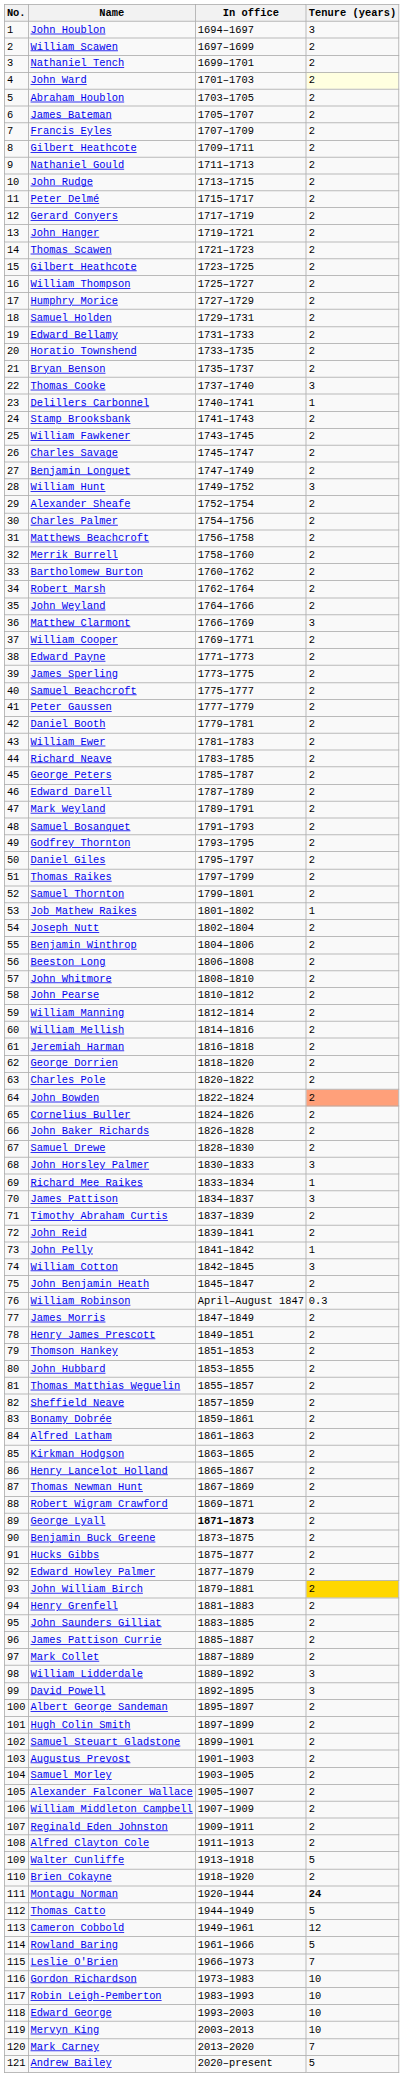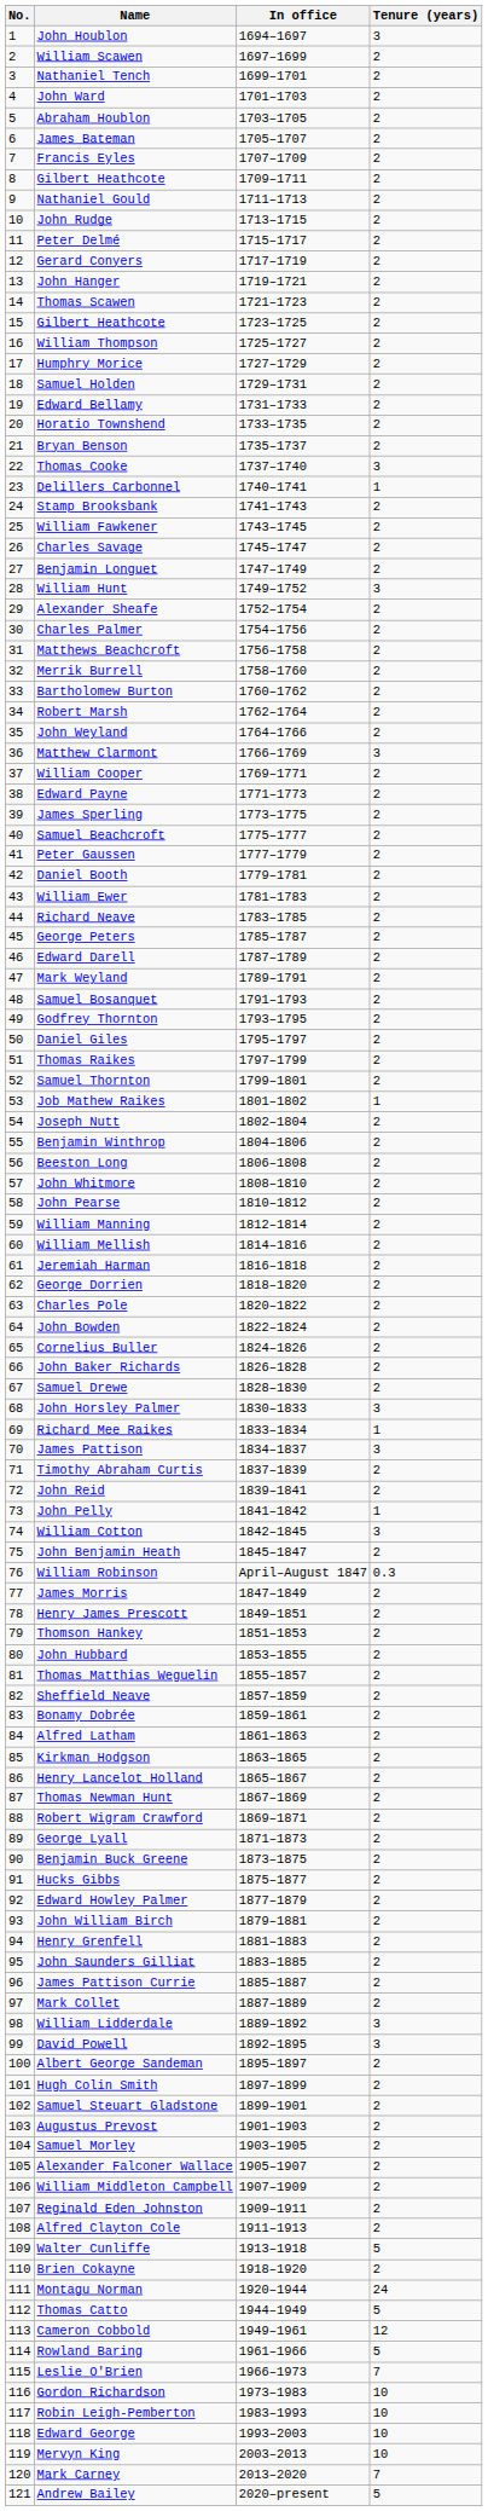 <table class="wikitable">
 <tr>
 <th>No.</th>
 <th>Name</th>
 <th>In office</th>
 <th>Tenure (years)</th>
 </tr>
 <tr>
 <td>1</td>
 <td><a href='#'>John Houblon</a></td>
 <td>1694–1697</td>
 <td>3</td>
 </tr>
 <tr>
 <td>2</td>
 <td><a href='#'>William Scawen</a></td>
 <td>1697–1699</td>
 <td>2</td>
 </tr>
 <tr>
 <td>3</td>
 <td><a href='#'>Nathaniel Tench</a></td>
 <td>1699–1701</td>
 <td>2</td>
 </tr>
 <tr>
 <td>4</td>
 <td><a href='#'>John Ward</a></td>
 <td>1701–1703</td>
-<td style="background: lightyellow;">2</td>
+<td>2</td>
 </tr>
 <tr>
 <td>5</td>
 <td><a href='#'>Abraham Houblon</a></td>
 <td>1703–1705</td>
 <td>2</td>
 </tr>
 <tr>
 <td>6</td>
 <td><a href='#'>James Bateman</a></td>
 <td>1705–1707</td>
 <td>2</td>
 </tr>
 <tr>
 <td>7</td>
 <td><a href='#'>Francis Eyles</a></td>
 <td>1707–1709</td>
 <td>2</td>
 </tr>
 <tr>
 <td>8</td>
 <td><a href='#'>Gilbert Heathcote</a></td>
 <td>1709–1711</td>
 <td>2</td>
 </tr>
 <tr>
 <td>9</td>
 <td><a href='#'>Nathaniel Gould</a></td>
 <td>1711–1713</td>
 <td>2</td>
 </tr>
 <tr>
 <td>10</td>
 <td><a href='#'>John Rudge</a></td>
 <td>1713–1715</td>
 <td>2</td>
 </tr>
 <tr>
 <td>11</td>
 <td><a href='#'>Peter Delmé</a></td>
 <td>1715–1717</td>
 <td>2</td>
 </tr>
 <tr>
 <td>12</td>
 <td><a href='#'>Gerard Conyers</a></td>
 <td>1717–1719</td>
 <td>2</td>
 </tr>
 <tr>
 <td>13</td>
 <td><a href='#'>John Hanger</a></td>
 <td>1719–1721</td>
 <td>2</td>
 </tr>
 <tr>
 <td>14</td>
 <td><a href='#'>Thomas Scawen</a></td>
 <td>1721–1723</td>
 <td>2</td>
 </tr>
 <tr>
 <td>15</td>
 <td><a href='#'>Gilbert Heathcote</a></td>
 <td>1723–1725</td>
 <td>2</td>
 </tr>
 <tr>
 <td>16</td>
 <td><a href='#'>William Thompson</a></td>
 <td>1725–1727</td>
 <td>2</td>
 </tr>
 <tr>
 <td>17</td>
 <td><a href='#'>Humphry Morice</a></td>
 <td>1727–1729</td>
 <td>2</td>
 </tr>
 <tr>
 <td>18</td>
 <td><a href='#'>Samuel Holden</a></td>
 <td>1729–1731</td>
 <td>2</td>
 </tr>
 <tr>
 <td>19</td>
 <td><a href='#'>Edward Bellamy</a></td>
 <td>1731–1733</td>
 <td>2</td>
 </tr>
 <tr>
 <td>20</td>
 <td><a href='#'>Horatio Townshend</a></td>
 <td>1733–1735</td>
 <td>2</td>
 </tr>
 <tr>
 <td>21</td>
 <td><a href='#'>Bryan Benson</a></td>
 <td>1735–1737</td>
 <td>2</td>
 </tr>
 <tr>
 <td>22</td>
 <td><a href='#'>Thomas Cooke</a></td>
 <td>1737–1740</td>
 <td>3</td>
 </tr>
 <tr>
 <td>23</td>
 <td><a href='#'>Delillers Carbonnel</a></td>
 <td>1740–1741</td>
 <td>1</td>
 </tr>
 <tr>
 <td>24</td>
 <td><a href='#'>Stamp Brooksbank</a></td>
 <td>1741–1743</td>
 <td>2</td>
 </tr>
 <tr>
 <td>25</td>
 <td><a href='#'>William Fawkener</a></td>
 <td>1743–1745</td>
 <td>2</td>
 </tr>
 <tr>
 <td>26</td>
 <td><a href='#'>Charles Savage</a></td>
 <td>1745–1747</td>
 <td>2</td>
 </tr>
 <tr>
 <td>27</td>
 <td><a href='#'>Benjamin Longuet</a></td>
 <td>1747–1749</td>
 <td>2</td>
 </tr>
 <tr>
 <td>28</td>
 <td><a href='#'>William Hunt</a></td>
 <td>1749–1752</td>
 <td>3</td>
 </tr>
 <tr>
 <td>29</td>
 <td><a href='#'>Alexander Sheafe</a></td>
 <td>1752–1754</td>
 <td>2</td>
 </tr>
 <tr>
 <td>30</td>
 <td><a href='#'>Charles Palmer</a></td>
 <td>1754–1756</td>
 <td>2</td>
 </tr>
 <tr>
 <td>31</td>
 <td><a href='#'>Matthews Beachcroft</a></td>
 <td>1756–1758</td>
 <td>2</td>
 </tr>
 <tr>
 <td>32</td>
 <td><a href='#'>Merrik Burrell</a></td>
 <td>1758–1760</td>
 <td>2</td>
 </tr>
 <tr>
 <td>33</td>
 <td><a href='#'>Bartholomew Burton</a></td>
 <td>1760–1762</td>
 <td>2</td>
 </tr>
 <tr>
 <td>34</td>
 <td><a href='#'>Robert Marsh</a></td>
 <td>1762–1764</td>
 <td>2</td>
 </tr>
 <tr>
 <td>35</td>
 <td><a href='#'>John Weyland</a></td>
 <td>1764–1766</td>
 <td>2</td>
 </tr>
 <tr>
 <td>36</td>
 <td><a href='#'>Matthew Clarmont</a></td>
 <td>1766–1769</td>
 <td>3</td>
 </tr>
 <tr>
 <td>37</td>
 <td><a href='#'>William Cooper</a></td>
 <td>1769–1771</td>
 <td>2</td>
 </tr>
 <tr>
 <td>38</td>
 <td><a href='#'>Edward Payne</a></td>
 <td>1771–1773</td>
 <td>2</td>
 </tr>
 <tr>
 <td>39</td>
 <td><a href='#'>James Sperling</a></td>
 <td>1773–1775</td>
 <td>2</td>
 </tr>
 <tr>
 <td>40</td>
 <td><a href='#'>Samuel Beachcroft</a></td>
 <td>1775–1777</td>
 <td>2</td>
 </tr>
 <tr>
 <td>41</td>
 <td><a href='#'>Peter Gaussen</a></td>
 <td>1777–1779</td>
 <td>2</td>
 </tr>
 <tr>
 <td>42</td>
 <td><a href='#'>Daniel Booth</a></td>
 <td>1779–1781</td>
 <td>2</td>
 </tr>
 <tr>
 <td>43</td>
 <td><a href='#'>William Ewer</a></td>
 <td>1781–1783</td>
 <td>2</td>
 </tr>
 <tr>
 <td>44</td>
 <td><a href='#'>Richard Neave</a></td>
 <td>1783–1785</td>
 <td>2</td>
 </tr>
 <tr>
 <td>45</td>
 <td><a href='#'>George Peters</a></td>
 <td>1785–1787</td>
 <td>2</td>
 </tr>
 <tr>
 <td>46</td>
 <td><a href='#'>Edward Darell</a></td>
 <td>1787–1789</td>
 <td>2</td>
 </tr>
 <tr>
 <td>47</td>
 <td><a href='#'>Mark Weyland</a></td>
 <td>1789–1791</td>
 <td>2</td>
 </tr>
 <tr>
 <td>48</td>
 <td><a href='#'>Samuel Bosanquet</a></td>
 <td>1791–1793</td>
 <td>2</td>
 </tr>
 <tr>
 <td>49</td>
 <td><a href='#'>Godfrey Thornton</a></td>
 <td>1793–1795</td>
 <td>2</td>
 </tr>
 <tr>
 <td>50</td>
 <td><a href='#'>Daniel Giles</a></td>
 <td>1795–1797</td>
 <td>2</td>
 </tr>
 <tr>
 <td>51</td>
 <td><a href='#'>Thomas Raikes</a></td>
 <td>1797–1799</td>
 <td>2</td>
 </tr>
 <tr>
 <td>52</td>
 <td><a href='#'>Samuel Thornton</a></td>
 <td>1799–1801</td>
 <td>2</td>
 </tr>
 <tr>
 <td>53</td>
 <td><a href='#'>Job Mathew Raikes</a></td>
 <td>1801–1802</td>
 <td>1</td>
 </tr>
 <tr>
 <td>54</td>
 <td><a href='#'>Joseph Nutt</a></td>
 <td>1802–1804</td>
 <td>2</td>
 </tr>
 <tr>
 <td>55</td>
 <td><a href='#'>Benjamin Winthrop</a></td>
 <td>1804–1806</td>
 <td>2</td>
 </tr>
 <tr>
 <td>56</td>
 <td><a href='#'>Beeston Long</a></td>
 <td>1806–1808</td>
 <td>2</td>
 </tr>
 <tr>
 <td>57</td>
 <td><a href='#'>John Whitmore</a></td>
 <td>1808–1810</td>
 <td>2</td>
 </tr>
 <tr>
 <td>58</td>
 <td><a href='#'>John Pearse</a></td>
 <td>1810–1812</td>
 <td>2</td>
 </tr>
 <tr>
 <td>59</td>
 <td><a href='#'>William Manning</a></td>
 <td>1812–1814</td>
 <td>2</td>
 </tr>
 <tr>
 <td>60</td>
 <td><a href='#'>William Mellish</a></td>
 <td>1814–1816</td>
 <td>2</td>
 </tr>
 <tr>
 <td>61</td>
 <td><a href='#'>Jeremiah Harman</a></td>
 <td>1816–1818</td>
 <td>2</td>
 </tr>
 <tr>
 <td>62</td>
 <td><a href='#'>George Dorrien</a></td>
 <td>1818–1820</td>
 <td>2</td>
 </tr>
 <tr>
 <td>63</td>
 <td><a href='#'>Charles Pole</a></td>
 <td>1820–1822</td>
 <td>2</td>
 </tr>
 <tr>
 <td>64</td>
 <td><a href='#'>John Bowden</a></td>
 <td>1822–1824</td>
-<td style="background: lightsalmon;">2</td>
+<td>2</td>
 </tr>
 <tr>
 <td>65</td>
 <td><a href='#'>Cornelius Buller</a></td>
 <td>1824–1826</td>
 <td>2</td>
 </tr>
 <tr>
 <td>66</td>
 <td><a href='#'>John Baker Richards</a></td>
 <td>1826–1828</td>
 <td>2</td>
 </tr>
 <tr>
 <td>67</td>
 <td><a href='#'>Samuel Drewe</a></td>
 <td>1828–1830</td>
 <td>2</td>
 </tr>
 <tr>
 <td>68</td>
 <td><a href='#'>John Horsley Palmer</a></td>
 <td>1830–1833</td>
 <td>3</td>
 </tr>
 <tr>
 <td>69</td>
 <td><a href='#'>Richard Mee Raikes</a></td>
 <td>1833–1834</td>
 <td>1</td>
 </tr>
 <tr>
 <td>70</td>
 <td><a href='#'>James Pattison</a></td>
 <td>1834–1837</td>
 <td>3</td>
 </tr>
 <tr>
 <td>71</td>
 <td><a href='#'>Timothy Abraham Curtis</a></td>
 <td>1837–1839</td>
 <td>2</td>
 </tr>
 <tr>
 <td>72</td>
 <td><a href='#'>John Reid</a></td>
 <td>1839–1841</td>
 <td>2</td>
 </tr>
 <tr>
 <td>73</td>
 <td><a href='#'>John Pelly</a></td>
 <td>1841–1842</td>
 <td>1</td>
 </tr>
 <tr>
 <td>74</td>
 <td><a href='#'>William Cotton</a></td>
 <td>1842–1845</td>
 <td>3</td>
 </tr>
 <tr>
 <td>75</td>
 <td><a href='#'>John Benjamin Heath</a></td>
 <td>1845–1847</td>
 <td>2</td>
 </tr>
 <tr>
 <td>76</td>
 <td><a href='#'>William Robinson</a></td>
 <td>April–August 1847</td>
 <td>0.3</td>
 </tr>
 <tr>
 <td>77</td>
 <td><a href='#'>James Morris</a></td>
 <td>1847–1849</td>
 <td>2</td>
 </tr>
 <tr>
 <td>78</td>
 <td><a href='#'>Henry James Prescott</a></td>
 <td>1849–1851</td>
 <td>2</td>
 </tr>
 <tr>
 <td>79</td>
 <td><a href='#'>Thomson Hankey</a></td>
 <td>1851–1853</td>
 <td>2</td>
 </tr>
 <tr>
 <td>80</td>
 <td><a href='#'>John Hubbard</a></td>
 <td>1853–1855</td>
 <td>2</td>
 </tr>
 <tr>
 <td>81</td>
 <td><a href='#'>Thomas Matthias Weguelin</a></td>
 <td>1855–1857</td>
 <td>2</td>
 </tr>
 <tr>
 <td>82</td>
 <td><a href='#'>Sheffield Neave</a></td>
 <td>1857–1859</td>
 <td>2</td>
 </tr>
 <tr>
 <td>83</td>
 <td><a href='#'>Bonamy Dobrée</a></td>
 <td>1859–1861</td>
 <td>2</td>
 </tr>
 <tr>
 <td>84</td>
 <td><a href='#'>Alfred Latham</a></td>
 <td>1861–1863</td>
 <td>2</td>
 </tr>
 <tr>
 <td>85</td>
 <td><a href='#'>Kirkman Hodgson</a></td>
 <td>1863–1865</td>
 <td>2</td>
 </tr>
 <tr>
 <td>86</td>
 <td><a href='#'>Henry Lancelot Holland</a></td>
 <td>1865–1867</td>
 <td>2</td>
 </tr>
 <tr>
 <td>87</td>
 <td><a href='#'>Thomas Newman Hunt</a></td>
 <td>1867–1869</td>
 <td>2</td>
 </tr>
 <tr>
 <td>88</td>
 <td><a href='#'>Robert Wigram Crawford</a></td>
 <td>1869–1871</td>
 <td>2</td>
 </tr>
 <tr>
 <td>89</td>
 <td><a href='#'>George Lyall</a></td>
-<td><strong>1871–1873</strong></td>
+<td>1871–1873</td>
 <td>2</td>
 </tr>
 <tr>
 <td>90</td>
 <td><a href='#'>Benjamin Buck Greene</a></td>
 <td>1873–1875</td>
 <td>2</td>
 </tr>
 <tr>
 <td>91</td>
 <td><a href='#'>Hucks Gibbs</a></td>
 <td>1875–1877</td>
 <td>2</td>
 </tr>
 <tr>
 <td>92</td>
 <td><a href='#'>Edward Howley Palmer</a></td>
 <td>1877–1879</td>
 <td>2</td>
 </tr>
 <tr>
 <td>93</td>
 <td><a href='#'>John William Birch</a></td>
 <td>1879–1881</td>
-<td style="background: gold;">2</td>
+<td>2</td>
 </tr>
 <tr>
 <td>94</td>
 <td><a href='#'>Henry Grenfell</a></td>
 <td>1881–1883</td>
 <td>2</td>
 </tr>
 <tr>
 <td>95</td>
 <td><a href='#'>John Saunders Gilliat</a></td>
 <td>1883–1885</td>
 <td>2</td>
 </tr>
 <tr>
 <td>96</td>
 <td><a href='#'>James Pattison Currie</a></td>
 <td>1885–1887</td>
 <td>2</td>
 </tr>
 <tr>
 <td>97</td>
 <td><a href='#'>Mark Collet</a></td>
 <td>1887–1889</td>
 <td>2</td>
 </tr>
 <tr>
 <td>98</td>
 <td><a href='#'>William Lidderdale</a></td>
 <td>1889–1892</td>
 <td>3</td>
 </tr>
 <tr>
 <td>99</td>
 <td><a href='#'>David Powell</a></td>
 <td>1892–1895</td>
 <td>3</td>
 </tr>
 <tr>
 <td>100</td>
 <td><a href='#'>Albert George Sandeman</a></td>
 <td>1895–1897</td>
 <td>2</td>
 </tr>
 <tr>
 <td>101</td>
 <td><a href='#'>Hugh Colin Smith</a></td>
 <td>1897–1899</td>
 <td>2</td>
 </tr>
 <tr>
 <td>102</td>
 <td><a href='#'>Samuel Steuart Gladstone</a></td>
 <td>1899–1901</td>
 <td>2</td>
 </tr>
 <tr>
 <td>103</td>
 <td><a href='#'>Augustus Prevost</a></td>
 <td>1901–1903</td>
 <td>2</td>
 </tr>
 <tr>
 <td>104</td>
 <td><a href='#'>Samuel Morley</a></td>
 <td>1903–1905</td>
 <td>2</td>
 </tr>
 <tr>
 <td>105</td>
 <td><a href='#'>Alexander Falconer Wallace</a></td>
 <td>1905–1907</td>
 <td>2</td>
 </tr>
 <tr>
 <td>106</td>
 <td><a href='#'>William Middleton Campbell</a></td>
 <td>1907–1909</td>
 <td>2</td>
 </tr>
 <tr>
 <td>107</td>
 <td><a href='#'>Reginald Eden Johnston</a></td>
 <td>1909–1911</td>
 <td>2</td>
 </tr>
 <tr>
 <td>108</td>
 <td><a href='#'>Alfred Clayton Cole</a></td>
 <td>1911–1913</td>
 <td>2</td>
 </tr>
 <tr>
 <td>109</td>
 <td><a href='#'>Walter Cunliffe</a></td>
 <td>1913–1918</td>
 <td>5</td>
 </tr>
 <tr>
 <td>110</td>
 <td><a href='#'>Brien Cokayne</a></td>
 <td>1918–1920</td>
 <td>2</td>
 </tr>
 <tr>
 <td>111</td>
 <td><a href='#'>Montagu Norman</a></td>
 <td>1920–1944</td>
-<td><strong>24</strong></td>
+<td>24</td>
 </tr>
 <tr>
 <td>112</td>
 <td><a href='#'>Thomas Catto</a></td>
 <td>1944–1949</td>
 <td>5</td>
 </tr>
 <tr>
 <td>113</td>
 <td><a href='#'>Cameron Cobbold</a></td>
 <td>1949–1961</td>
 <td>12</td>
 </tr>
 <tr>
 <td>114</td>
 <td><a href='#'>Rowland Baring</a></td>
 <td>1961–1966</td>
 <td>5</td>
 </tr>
 <tr>
 <td>115</td>
 <td><a href='#'>Leslie O'Brien</a></td>
 <td>1966–1973</td>
 <td>7</td>
 </tr>
 <tr>
 <td>116</td>
 <td><a href='#'>Gordon Richardson</a></td>
 <td>1973–1983</td>
 <td>10</td>
 </tr>
 <tr>
 <td>117</td>
 <td><a href='#'>Robin Leigh-Pemberton</a></td>
 <td>1983–1993</td>
 <td>10</td>
 </tr>
 <tr>
 <td>118</td>
 <td><a href='#'>Edward George</a></td>
 <td>1993–2003</td>
 <td>10</td>
 </tr>
 <tr>
 <td>119</td>
 <td><a href='#'>Mervyn King</a></td>
 <td>2003–2013</td>
 <td>10</td>
 </tr>
 <tr>
 <td>120</td>
 <td><a href='#'>Mark Carney</a></td>
 <td>2013–2020</td>
 <td>7</td>
 </tr>
 <tr>
 <td>121</td>
 <td><a href='#'>Andrew Bailey</a></td>
 <td>2020–present</td>
 <td>5</td>
 </tr>
 </table>
